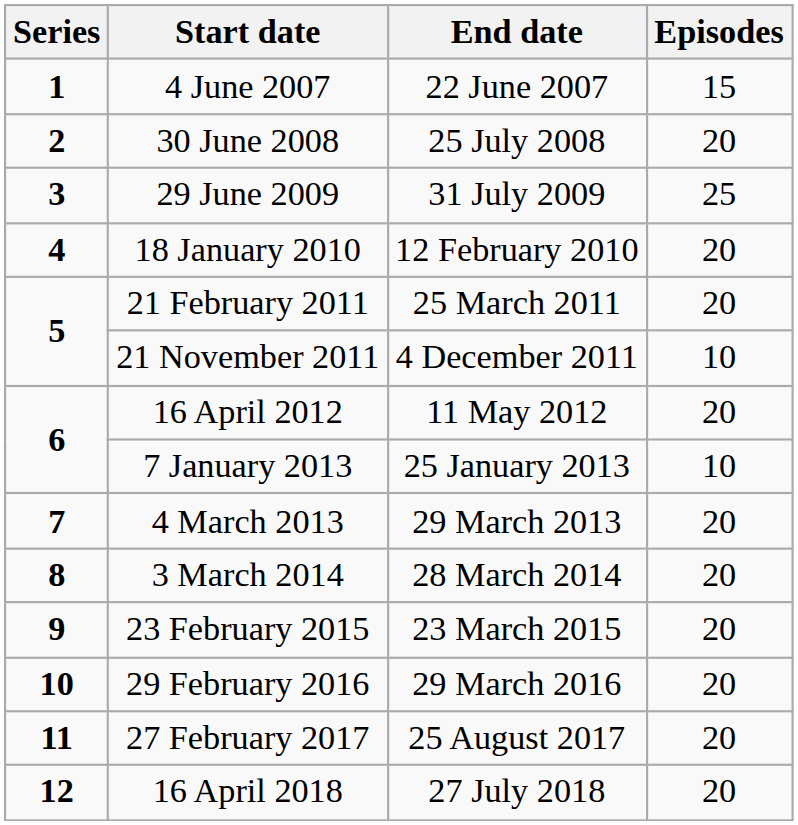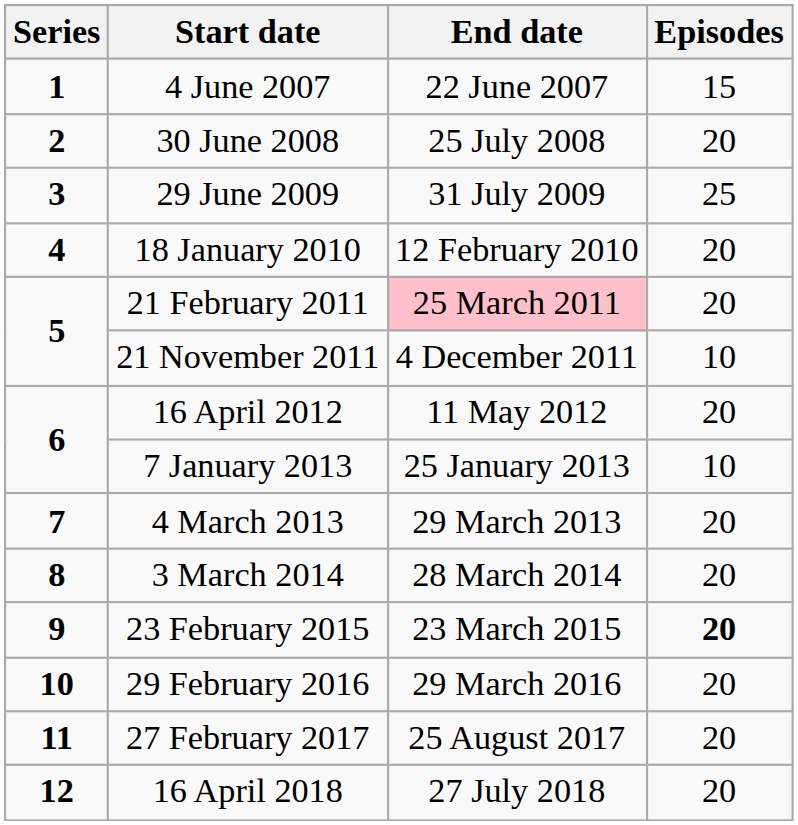 <table class="wikitable" style="text-align:center;">
 <tr>
 <th>Series</th>
 <th>Start date</th>
 <th>End date</th>
 <th>Episodes</th>
 </tr>
 <tr>
 <td><strong>1</strong></td>
 <td>4 June 2007</td>
 <td>22 June 2007</td>
 <td>15</td>
 </tr>
 <tr>
 <td><strong>2</strong></td>
 <td>30 June 2008</td>
 <td>25 July 2008</td>
 <td>20</td>
 </tr>
 <tr>
 <td><strong>3</strong></td>
 <td>29 June 2009</td>
 <td>31 July 2009</td>
 <td>25</td>
 </tr>
 <tr>
 <td><strong>4</strong></td>
 <td>18 January 2010</td>
 <td>12 February 2010</td>
 <td>20</td>
 </tr>
 <tr>
 <td rowspan=2><strong>5</strong></td>
 <td>21 February 2011</td>
-<td>25 March 2011</td>
+<td style="background: pink;">25 March 2011</td>
 <td>20</td>
 </tr>
 <tr>
 <td>21 November 2011</td>
 <td>4 December 2011</td>
 <td>10</td>
 </tr>
 <tr>
 <td rowspan=2><strong>6</strong></td>
 <td>16 April 2012</td>
 <td>11 May 2012</td>
 <td>20</td>
 </tr>
 <tr>
 <td>7 January 2013</td>
 <td>25 January 2013</td>
 <td>10</td>
 </tr>
 <tr>
 <td><strong>7</strong></td>
 <td>4 March 2013</td>
 <td>29 March 2013</td>
 <td>20</td>
 </tr>
 <tr>
 <td><strong>8</strong></td>
 <td>3 March 2014</td>
 <td>28 March 2014</td>
 <td>20</td>
 </tr>
 <tr>
 <td><strong>9</strong></td>
 <td>23 February 2015</td>
 <td>23 March 2015</td>
-<td>20</td>
+<td><strong>20</strong></td>
 </tr>
 <tr>
 <td><strong>10</strong></td>
 <td>29 February 2016</td>
 <td>29 March 2016</td>
 <td>20</td>
 </tr>
 <tr>
 <td><strong>11</strong></td>
 <td>27 February 2017</td>
 <td>25 August 2017</td>
 <td>20</td>
 </tr>
 <tr>
 <td><strong>12</strong></td>
 <td>16 April 2018</td>
 <td>27 July 2018</td>
 <td>20</td>
 </tr>
 </table>
